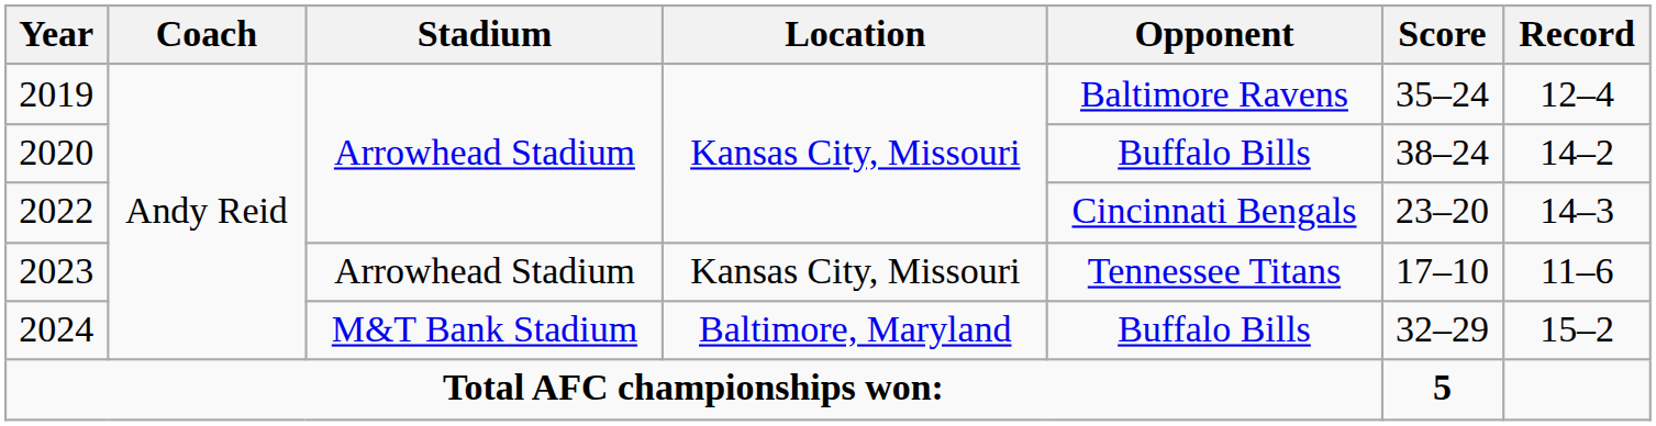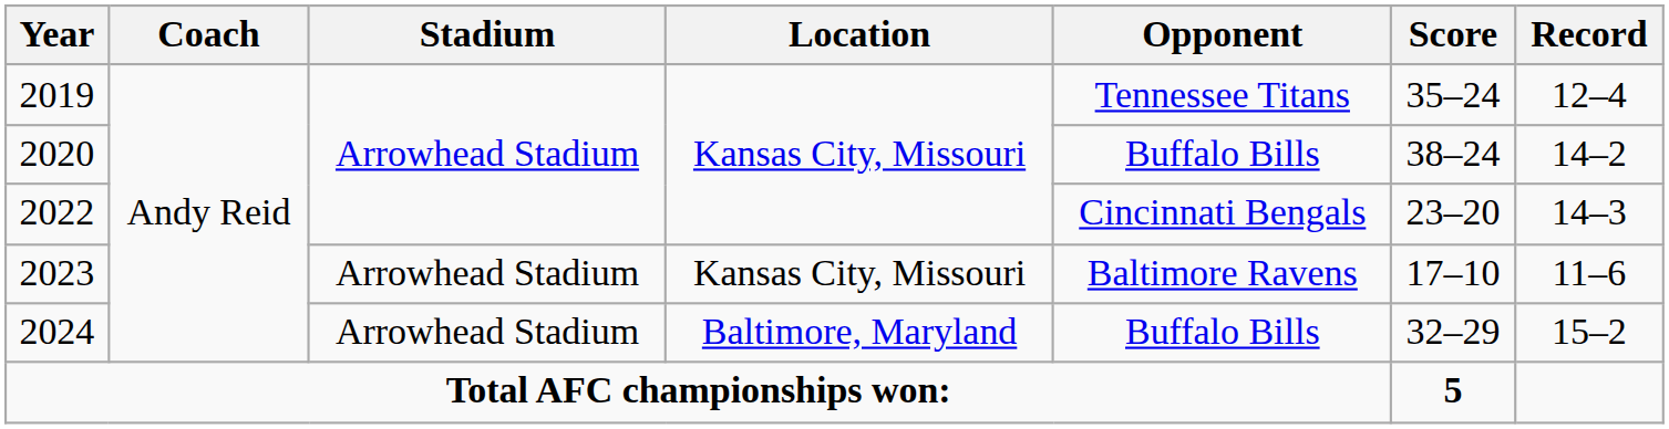 <table class="wikitable" style="width:80%;text-align:center">
 <tr>
 <th>Year</th>
 <th>Coach</th>
 <th>Stadium</th>
 <th>Location</th>
 <th>Opponent</th>
 <th>Score</th>
 <th>Record</th>
 </tr>
 <tr>
 <td>2019</td>
 <td rowspan="5">Andy Reid</td>
 <td rowspan="3"><a href='#'>Arrowhead Stadium</a></td>
 <td rowspan="3"><a href='#'>Kansas City, Missouri</a></td>
-<td><a href='#'>Baltimore Ravens</a></td>
+<td><a href='#'>Tennessee Titans</a></td>
 <td>35–24</td>
 <td>12–4</td>
 </tr>
 <tr>
 <td>2020</td>
 <td><a href='#'>Buffalo Bills</a></td>
 <td>38–24</td>
 <td>14–2</td>
 </tr>
 <tr>
 <td>2022</td>
 <td><a href='#'>Cincinnati Bengals</a></td>
 <td>23–20</td>
 <td>14–3</td>
 </tr>
 <tr>
 <td>2023</td>
 <td>Arrowhead Stadium</td>
 <td>Kansas City, Missouri</td>
-<td><a href='#'>Tennessee Titans</a></td>
+<td><a href='#'>Baltimore Ravens</a></td>
 <td>17–10</td>
 <td>11–6</td>
 </tr>
 <tr>
 <td>2024</td>
-<td><a href='#'>M&T Bank Stadium</a></td>
+<td>Arrowhead Stadium</td>
 <td><a href='#'>Baltimore, Maryland</a></td>
 <td><a href='#'>Buffalo Bills</a></td>
 <td>32–29</td>
 <td>15–2</td>
 </tr>
 <tr>
 <td colspan="5"><strong>Total AFC championships won:</strong></td>
 <td><strong>5</strong></td>
 </tr>
 </table>
